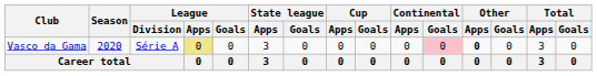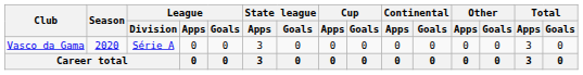 <table class="wikitable" style="text-align: center">
 <tr>
 <th rowspan="2">Club</th>
 <th rowspan="2">Season</th>
 <th colspan="3">League</th>
 <th colspan="2">State league</th>
 <th colspan="2">Cup</th>
 <th colspan="2">Continental</th>
 <th colspan="2">Other</th>
 <th colspan="2">Total</th>
 </tr>
 <tr>
 <th>Division</th>
 <th>Apps</th>
 <th>Goals</th>
 <th>Apps</th>
 <th>Goals</th>
 <th>Apps</th>
 <th>Goals</th>
 <th>Apps</th>
 <th>Goals</th>
 <th>Apps</th>
 <th>Goals</th>
 <th>Apps</th>
 <th>Goals</th>
 </tr>
 <tr>
 <td><a href='#'>Vasco da Gama</a></td>
 <td><a href='#'>2020</a></td>
 <td><a href='#'>Série A</a></td>
-<td style="background: khaki;">0</td>
+<td>0</td>
 <td>0</td>
 <td>3</td>
 <td>0</td>
 <td>0</td>
 <td>0</td>
 <td>0</td>
-<td style="background: pink;">0</td>
-<td><strong>0</strong></td>
+<td>0</td>
+<td>0</td>
 <td>0</td>
 <td>3</td>
 <td>0</td>
 </tr>
 <tr>
 <th colspan="3"><strong>Career total</strong></th>
 <th>0</th>
 <th>0</th>
 <th>3</th>
 <th>0</th>
 <th>0</th>
 <th>0</th>
 <th>0</th>
 <th>0</th>
 <th>0</th>
 <th>0</th>
 <th>3</th>
 <th>0</th>
 </tr>
 </table>
